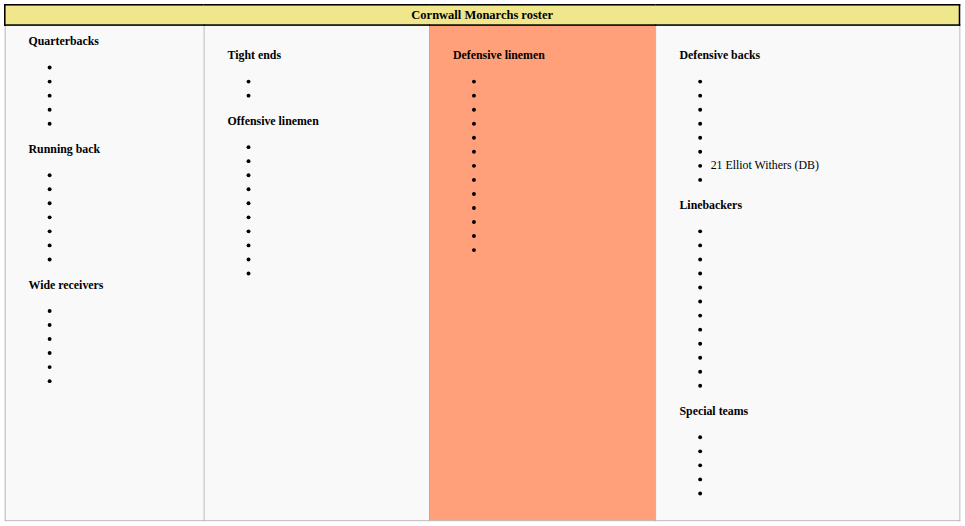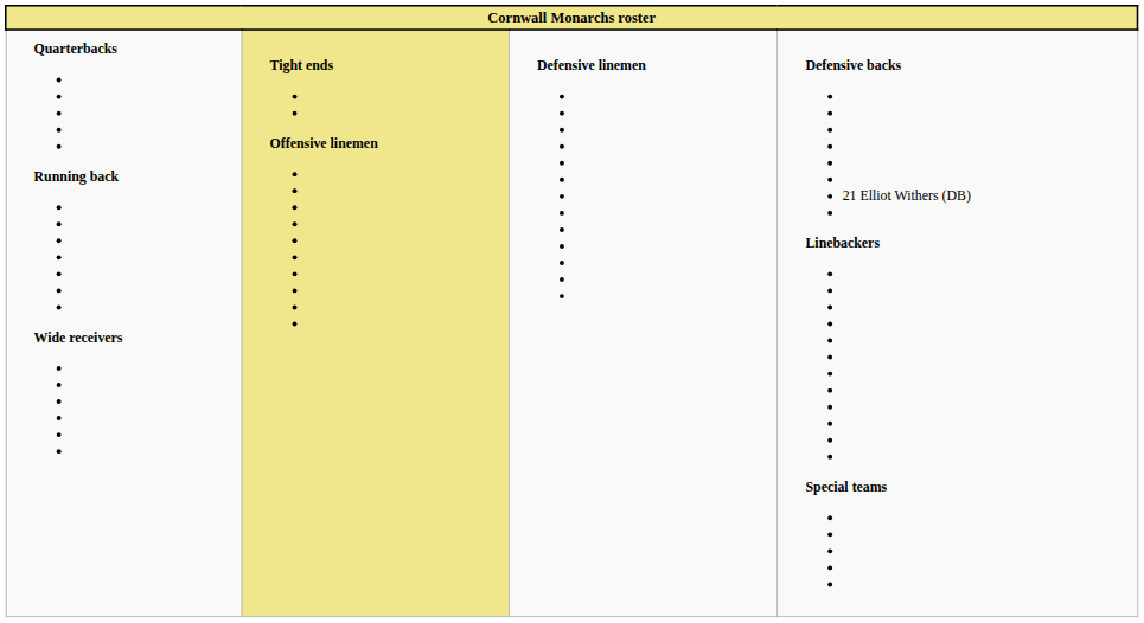 <table class="wikitable" style="text-align: left; width: 97%; border: solid black 1px;">
 <tr>
 <th colspan="7" style="background-color: #F0E68C; text-align: center; border: solid black 2px;">Cornwall Monarchs roster</th>
 </tr>
 <tr>
 <td style="font-size: 95%; padding: 10px 30px;" valign="top"><strong>Quarterbacks</strong><br><ul><li></li><li></li><li></li><li></li><li></li></ul><strong>Running back</strong><ul><li></li><li></li><li></li><li></li><li></li><li></li><li></li></ul><strong>Wide receivers</strong><ul><li></li><li></li><li></li><li></li><li></li><li></li></ul></td>
-<td style="font-size: 95%; padding: 10px 30px;" valign="top"><br><strong>Tight ends</strong><ul><li></li><li></li></ul><strong>Offensive linemen</strong><ul><li></li><li></li><li></li><li></li><li></li><li></li><li></li><li></li><li></li><li></li></ul></td>
-<td style="background: lightsalmon; font-size: 95%; padding: 10px 30px;" valign="top"><br><strong>Defensive linemen</strong><ul><li></li><li></li><li></li><li></li><li></li><li></li><li></li><li></li><li></li><li></li><li></li><li></li><li></li></ul></td>
+<td style="background: khaki; font-size: 95%; padding: 10px 30px;" valign="top"><br><strong>Tight ends</strong><ul><li></li><li></li></ul><strong>Offensive linemen</strong><ul><li></li><li></li><li></li><li></li><li></li><li></li><li></li><li></li><li></li><li></li></ul></td>
+<td style="font-size: 95%; padding: 10px 30px;" valign="top"><br><strong>Defensive linemen</strong><ul><li></li><li></li><li></li><li></li><li></li><li></li><li></li><li></li><li></li><li></li><li></li><li></li><li></li></ul></td>
 <td style="font-size: 95%; padding: 10px 30px;" valign="top"><br><strong>Defensive backs</strong><ul><li></li><li></li><li></li><li></li><li></li><li></li><li>21 Elliot Withers (DB)</li><li></li></ul><strong>Linebackers</strong><ul><li></li><li></li><li></li><li></li><li></li><li></li><li></li><li></li><li></li><li></li><li></li><li></li></ul><strong>Special teams</strong><ul><li></li><li></li><li></li><li></li><li></li></ul></td>
 </tr>
 </table>
